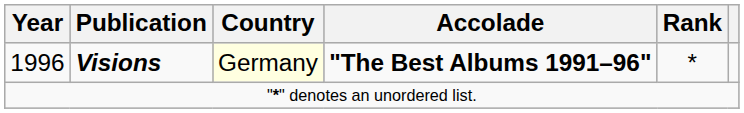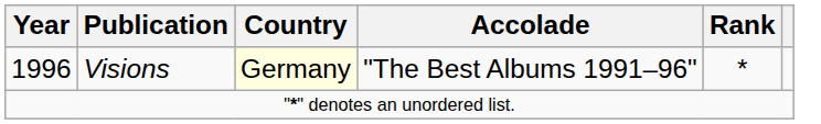 <table class="wikitable sortable" style="margin:0em 1em 1em 0pt">
 <tr>
 <th>Year</th>
 <th>Publication</th>
 <th>Country</th>
 <th>Accolade</th>
 <th>Rank</th>
 <th class=unsortable></th>
 </tr>
 <tr>
 <td align=center>1996</td>
-<td><strong><em>Visions</em></strong></td>
+<td><em>Visions</em></td>
 <td style="background: lightyellow;">Germany</td>
-<td><strong>"The Best Albums 1991–96"</strong></td>
+<td>"The Best Albums 1991–96"</td>
 <td align=center>*</td>
 <td></td>
 </tr>
 <tr class="sortbottom">
 <td colspan=6 style=font-size:8pt; align=center>"<strong>*</strong>" denotes an unordered list.</td>
 </tr>
 </table>
